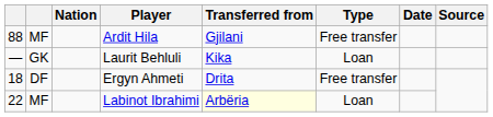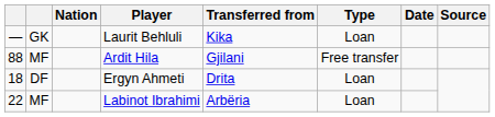 <table class="wikitable" style="text-align:center;">
 <tr>
 <th></th>
 <th></th>
 <th>Nation</th>
 <th>Player</th>
 <th>Transferred from</th>
 <th>Type</th>
 <th>Date</th>
 <th>Source</th>
 </tr>
 <tr>
+<td>—</td>
+<td>GK</td>
+<td></td>
+<td align="left">Laurit Behluli</td>
+<td align="left"> <a href='#'>Kika</a></td>
+<td>Loan</td>
+<td></td>
+<td></td>
+</tr>
+<tr>
 <td>88</td>
 <td>MF</td>
 <td></td>
 <td align="left"><a href='#'>Ardit Hila</a></td>
 <td align="left"> <a href='#'>Gjilani</a></td>
 <td>Free transfer</td>
 <td></td>
 <td></td>
 </tr>
 <tr>
-<td>—</td>
-<td>GK</td>
-<td></td>
-<td align="left">Laurit Behluli</td>
-<td align="left"> <a href='#'>Kika</a></td>
-<td>Loan</td>
-<td></td>
-<td></td>
-</tr>
-<tr>
 <td>18</td>
 <td>DF</td>
 <td></td>
 <td align="left">Ergyn Ahmeti</td>
 <td align="left"> <a href='#'>Drita</a></td>
-<td>Free transfer</td>
+<td>Loan</td>
 <td></td>
 <td rowspan="2"></td>
 </tr>
 <tr>
 <td>22</td>
 <td>MF</td>
 <td></td>
 <td align="left"><a href='#'>Labinot Ibrahimi</a></td>
-<td align="left" style="background: lightyellow;"> <a href='#'>Arbëria</a></td>
+<td align="left"> <a href='#'>Arbëria</a></td>
 <td>Loan</td>
 <td></td>
 </tr>
 </table>
